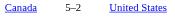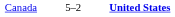 <table style="text-align:center">
 <tr>
 <th width=200></th>
 <th width=100></th>
 <th width=200></th>
 </tr>
 <tr>
 <td align=right><a href='#'>Canada</a> </td>
 <td>5–2</td>
-<td align=left> <a href='#'>United States</a></td>
+<td align=left><strong> <a href='#'>United States</a></strong></td>
 </tr>
 </table>
